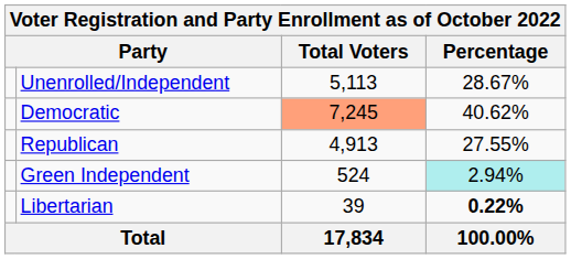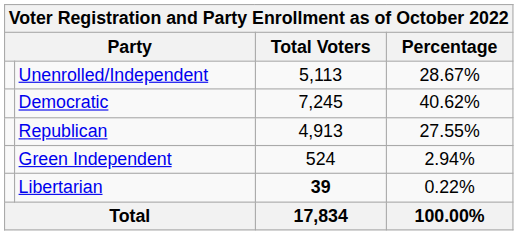 <table class=wikitable>
 <tr>
 <th colspan = 6>Voter Registration and Party Enrollment as of October 2022</th>
 </tr>
 <tr>
 <th colspan = 2>Party</th>
 <th>Total Voters</th>
 <th>Percentage</th>
 </tr>
 <tr>
 <td></td>
 <td><a href='#'>Unenrolled/Independent</a></td>
 <td align = center>5,113</td>
 <td align = center>28.67%</td>
 </tr>
 <tr>
 <td></td>
 <td><a href='#'>Democratic</a></td>
-<td align = center style="background: lightsalmon;">7,245</td>
+<td align = center>7,245</td>
 <td align = center>40.62%</td>
 </tr>
 <tr>
 <td></td>
 <td><a href='#'>Republican</a></td>
 <td align = center>4,913</td>
 <td align = center>27.55%</td>
 </tr>
 <tr>
 <td></td>
 <td><a href='#'>Green Independent</a></td>
 <td align = center>524</td>
-<td align = center style="background: paleturquoise;">2.94%</td>
+<td align = center>2.94%</td>
 </tr>
 <tr>
 <td></td>
 <td><a href='#'>Libertarian</a></td>
-<td align = center>39</td>
-<td align = center><strong>0.22%</strong></td>
+<td align = center><strong>39</strong></td>
+<td align = center>0.22%</td>
 </tr>
 <tr>
 <th colspan = 2>Total</th>
 <th align = center>17,834</th>
 <th align = center>100.00%</th>
 </tr>
 </table>
